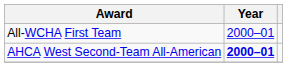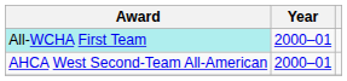 <table class="wikitable">
 <tr>
 <th>Award</th>
 <th>Year</th>
 <th></th>
 </tr>
 <tr>
-<td>All-<a href='#'>WCHA</a> <a href='#'>First Team</a></td>
+<td style="background: paleturquoise;">All-<a href='#'>WCHA</a> <a href='#'>First Team</a></td>
 <td><a href='#'>2000–01</a></td>
 <td></td>
 </tr>
 <tr>
 <td><a href='#'>AHCA</a> <a href='#'>West Second-Team All-American</a></td>
-<td><strong><a href='#'>2000–01</a></strong></td>
+<td><a href='#'>2000–01</a></td>
 <td></td>
 </tr>
 <tr>
 </tr>
 </table>
